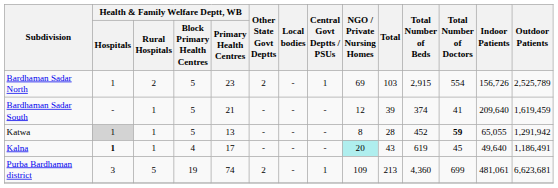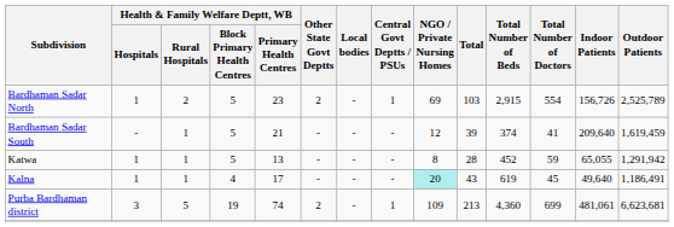 <table class="wikitable" style="text-align:center;font-size: 9pt">
 <tr>
 <th width="110" rowspan="2">Subdivision</th>
 <th width="160" colspan="4" rowspan="1">Health & Family Welfare Deptt, WB</th>
 <th widthspan="110" rowspan="2">Other<br>State<br>Govt<br>Deptts</th>
 <th widthspan="110" rowspan="2">Local<br>bodies</th>
 <th widthspan="110" rowspan="2">Central<br>Govt<br>Deptts /<br>PSUs</th>
 <th widthspan="110" rowspan="2">NGO /<br>Private<br>Nursing<br>Homes</th>
 <th widthspan="110" rowspan="2">Total</th>
 <th widthspan="110" rowspan="2">Total<br>Number<br>of<br>Beds</th>
 <th widthspan="110" rowspan="2">Total<br>Number<br>of<br>Doctors</th>
 <th widthspan="130" rowspan="2">Indoor<br>Patients</th>
 <th widthspan="130" rowspan="2">Outdoor<br>Patients</th>
 </tr>
 <tr>
 <th width="40">Hospitals<br></th>
 <th width="40">Rural<br>Hospitals<br></th>
 <th width="40">Block<br>Primary<br>Health<br>Centres<br></th>
 <th width="40">Primary<br>Health<br>Centres<br></th>
 </tr>
 <tr>
 <td align=left><a href='#'>Bardhaman Sadar North</a></td>
 <td align="center">1</td>
 <td align="center">2</td>
 <td align="center">5</td>
 <td align="center">23</td>
 <td align="center">2</td>
 <td align="center">-</td>
 <td align="center">1</td>
 <td align="center">69</td>
 <td align="center">103</td>
 <td align="center">2,915</td>
 <td align="center">554</td>
 <td align="center">156,726</td>
 <td align="center">2,525,789</td>
 </tr>
 <tr>
 <td align=left><a href='#'>Bardhaman Sadar South</a></td>
 <td align="center">-</td>
 <td align="center">1</td>
 <td align="center">5</td>
 <td align="center">21</td>
 <td align="center">-</td>
 <td align="center">-</td>
 <td align="center">-</td>
 <td align="center">12</td>
 <td align="center">39</td>
 <td align="center">374</td>
 <td align="center">41</td>
 <td align="center">209,640</td>
 <td align="center">1,619,459</td>
 </tr>
 <tr>
 <td align=left>Katwa</td>
-<td align="center" style="background: lightgrey;">1</td>
+<td align="center">1</td>
 <td align="center">1</td>
 <td align="center">5</td>
 <td align="center">13</td>
 <td align="center">-</td>
 <td align="center">-</td>
 <td align="center">-</td>
 <td align="center">8</td>
 <td align="center">28</td>
 <td align="center">452</td>
-<td align="center"><strong>59</strong></td>
+<td align="center">59</td>
 <td align="center">65,055</td>
 <td align="center">1,291,942</td>
 </tr>
 <tr>
 <td align=left><a href='#'>Kalna</a></td>
-<td align="center"><strong>1</strong></td>
+<td align="center">1</td>
 <td align="center">1</td>
 <td align="center">4</td>
 <td align="center">17</td>
 <td align="center">-</td>
 <td align="center">-</td>
 <td align="center">-</td>
 <td align="center" style="background: paleturquoise;">20</td>
 <td align="center">43</td>
 <td align="center">619</td>
 <td align="center">45</td>
 <td align="center">49,640</td>
 <td align="center">1,186,491</td>
 </tr>
 <tr>
 <td align=left><a href='#'>Purba Bardhaman district</a></td>
 <td align="center">3</td>
 <td align="center">5</td>
 <td align="center">19</td>
 <td align="center">74</td>
 <td align="center">2</td>
 <td align="center">-</td>
 <td align="center">1</td>
 <td align="center">109</td>
 <td align="center">213</td>
 <td align="center">4,360</td>
 <td align="center">699</td>
 <td align="center">481,061</td>
 <td align="center">6,623,681</td>
 </tr>
 <tr>
 </tr>
 </table>
